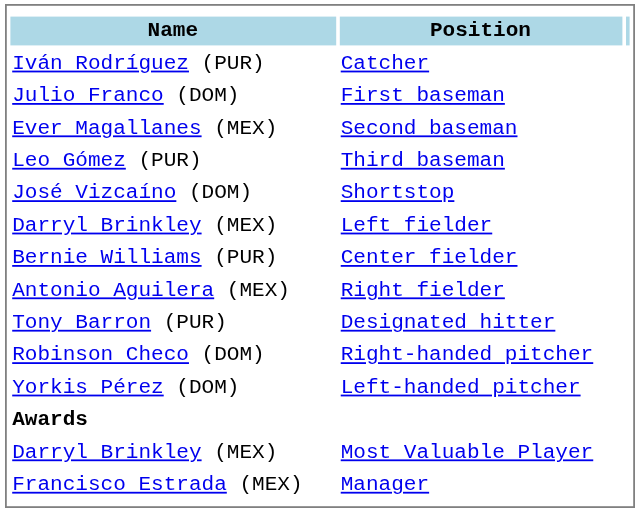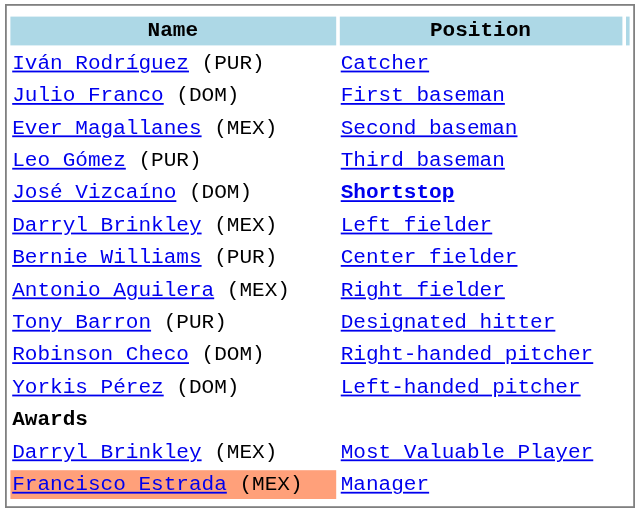 <table cellpadding="1" width="350px" style="font-size: 90%; border: 1px solid gray;">
 <tr align="center" style="font-size: larger;">
 <td colspan=6></td>
 </tr>
 <tr>
 <th style="background:lightblue;">Name</th>
 <th style="background:lightblue;">Position</th>
 <th style="background:lightblue;"></th>
 </tr>
 <tr>
 <td><a href='#'>Iván Rodríguez</a> (PUR)</td>
 <td><a href='#'>Catcher</a></td>
 </tr>
 <tr>
 <td><a href='#'>Julio Franco</a> (DOM)</td>
 <td><a href='#'>First baseman</a></td>
 </tr>
 <tr>
 <td><a href='#'>Ever Magallanes</a> (MEX)</td>
 <td><a href='#'>Second baseman</a></td>
 </tr>
 <tr>
 <td><a href='#'>Leo Gómez</a> (PUR)</td>
 <td><a href='#'>Third baseman</a></td>
 </tr>
 <tr>
 <td><a href='#'>José Vizcaíno</a> (DOM)</td>
-<td><a href='#'>Shortstop</a></td>
+<td><strong><a href='#'>Shortstop</a></strong></td>
 </tr>
 <tr>
 <td><a href='#'>Darryl Brinkley</a> (MEX)</td>
 <td><a href='#'>Left fielder</a></td>
 </tr>
 <tr>
 <td><a href='#'>Bernie Williams</a> (PUR)</td>
 <td><a href='#'>Center fielder</a></td>
 </tr>
 <tr>
 <td><a href='#'>Antonio Aguilera</a> (MEX)</td>
 <td><a href='#'>Right fielder</a></td>
 </tr>
 <tr>
 <td><a href='#'>Tony Barron</a> (PUR)</td>
 <td><a href='#'>Designated hitter</a></td>
 </tr>
 <tr>
 <td><a href='#'>Robinson Checo</a> (DOM)</td>
 <td><a href='#'>Right-handed pitcher</a></td>
 </tr>
 <tr>
 <td><a href='#'>Yorkis Pérez</a> (DOM)</td>
 <td><a href='#'>Left-handed pitcher</a></td>
 </tr>
 <tr>
 <td><strong>Awards</strong></td>
 </tr>
 <tr>
 <td><a href='#'>Darryl Brinkley</a> (MEX)</td>
 <td><a href='#'>Most Valuable Player</a></td>
 </tr>
 <tr>
-<td><a href='#'>Francisco Estrada</a> (MEX)</td>
+<td style="background: lightsalmon;"><a href='#'>Francisco Estrada</a> (MEX)</td>
 <td><a href='#'>Manager</a></td>
 </tr>
 <tr>
 </tr>
 </table>
